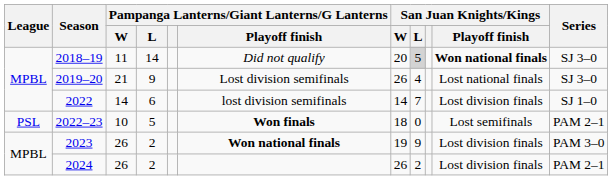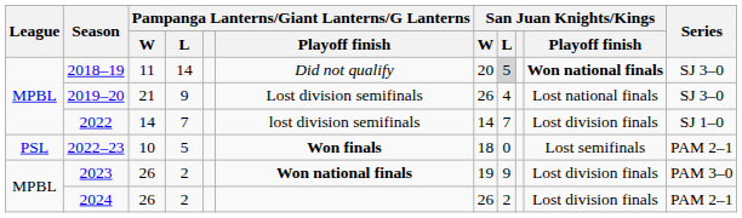 <table class="wikitable sortable" style="text-align:center">
 <tr>
 <th rowspan=2>League</th>
 <th rowspan=2>Season</th>
 <th colspan=4 class="unsortable">Pampanga Lanterns/Giant Lanterns/G Lanterns</th>
 <th colspan=4 class="unsortable">San Juan Knights/Kings</th>
 <th rowspan=2>Series</th>
 </tr>
 <tr>
 <th>W</th>
 <th>L</th>
 <th></th>
 <th class="unsortable">Playoff finish</th>
 <th>W</th>
 <th>L</th>
 <th></th>
 <th class="unsortable">Playoff finish</th>
 </tr>
 <tr>
 <td rowspan=3><a href='#'>MPBL</a></td>
 <td><a href='#'>2018–19</a></td>
 <td>11</td>
 <td>14</td>
 <td></td>
 <td><em>Did not qualify</em></td>
 <td>20</td>
 <td style="background: lightgrey;">5</td>
 <td></td>
 <td><strong>Won national finals</strong></td>
 <td>SJ 3–0</td>
 </tr>
 <tr>
 <td><a href='#'>2019–20</a></td>
 <td>21</td>
 <td>9</td>
 <td></td>
 <td>Lost division semifinals</td>
 <td>26</td>
 <td>4</td>
 <td></td>
 <td>Lost national finals</td>
 <td>SJ 3–0</td>
 </tr>
 <tr>
 <td><a href='#'>2022</a></td>
 <td>14</td>
-<td>6</td>
+<td>7</td>
 <td></td>
 <td>lost division semifinals</td>
 <td>14</td>
 <td>7</td>
 <td></td>
 <td>Lost division finals</td>
 <td>SJ 1–0</td>
 </tr>
 <tr>
 <td><a href='#'>PSL</a></td>
 <td><a href='#'>2022–23</a></td>
 <td>10</td>
 <td>5</td>
 <td></td>
 <td><strong>Won finals</strong></td>
 <td>18</td>
 <td>0</td>
 <td></td>
 <td>Lost semifinals</td>
 <td>PAM 2–1</td>
 </tr>
 <tr>
 <td rowspan=2>MPBL</td>
 <td><a href='#'>2023</a></td>
 <td>26</td>
 <td>2</td>
 <td></td>
 <td><strong>Won national finals</strong></td>
 <td>19</td>
 <td>9</td>
 <td></td>
 <td>Lost division finals</td>
 <td>PAM 3–0</td>
 </tr>
 <tr>
 <td><a href='#'>2024</a></td>
 <td>26</td>
 <td>2</td>
 <td></td>
 <td></td>
 <td>26</td>
 <td>2</td>
 <td></td>
 <td>Lost division finals</td>
 <td>PAM 2–1</td>
 </tr>
 </table>
